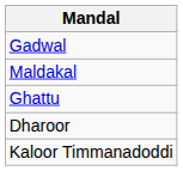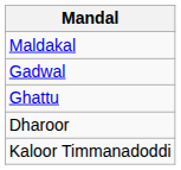 <table class="wikitable sortable static-row-numbers static-row-header-hash">
 <tr>
 <th>Mandal</th>
 </tr>
 <tr>
-<td><a href='#'>Gadwal</a></td>
+<td><a href='#'>Maldakal</a></td>
 </tr>
 <tr>
-<td><a href='#'>Maldakal</a></td>
+<td><a href='#'>Gadwal</a></td>
 </tr>
 <tr>
 <td><a href='#'>Ghattu</a></td>
 </tr>
 <tr>
 <td>Dharoor</td>
 </tr>
 <tr>
 <td>Kaloor Timmanadoddi</td>
 </tr>
 </table>
